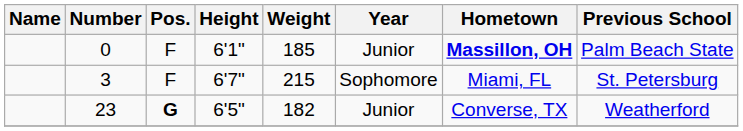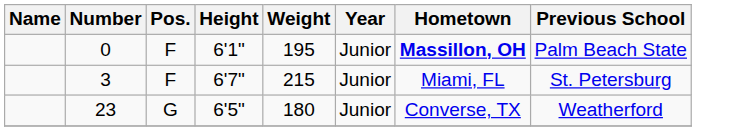 <table class="wikitable sortable sortable" style="text-align: center">
 <tr align=center>
 <th>Name</th>
 <th>Number</th>
 <th>Pos.</th>
 <th>Height</th>
 <th>Weight</th>
 <th>Year</th>
 <th>Hometown</th>
 <th>Previous School</th>
 </tr>
 <tr>
 <td></td>
 <td>0</td>
 <td>F</td>
 <td>6'1"</td>
-<td>185</td>
+<td>195</td>
 <td>Junior</td>
 <td><strong><a href='#'>Massillon, OH</a></strong></td>
 <td><a href='#'>Palm Beach State</a></td>
 </tr>
 <tr>
 <td></td>
 <td>3</td>
 <td>F</td>
 <td>6'7"</td>
 <td>215</td>
-<td>Sophomore</td>
+<td>Junior</td>
 <td><a href='#'>Miami, FL</a></td>
 <td><a href='#'>St. Petersburg</a></td>
 </tr>
 <tr>
 <td></td>
 <td>23</td>
-<td><strong>G</strong></td>
+<td>G</td>
 <td>6'5"</td>
-<td>182</td>
+<td>180</td>
 <td>Junior</td>
 <td><a href='#'>Converse, TX</a></td>
 <td><a href='#'>Weatherford</a></td>
 </tr>
 <tr>
 </tr>
 </table>
